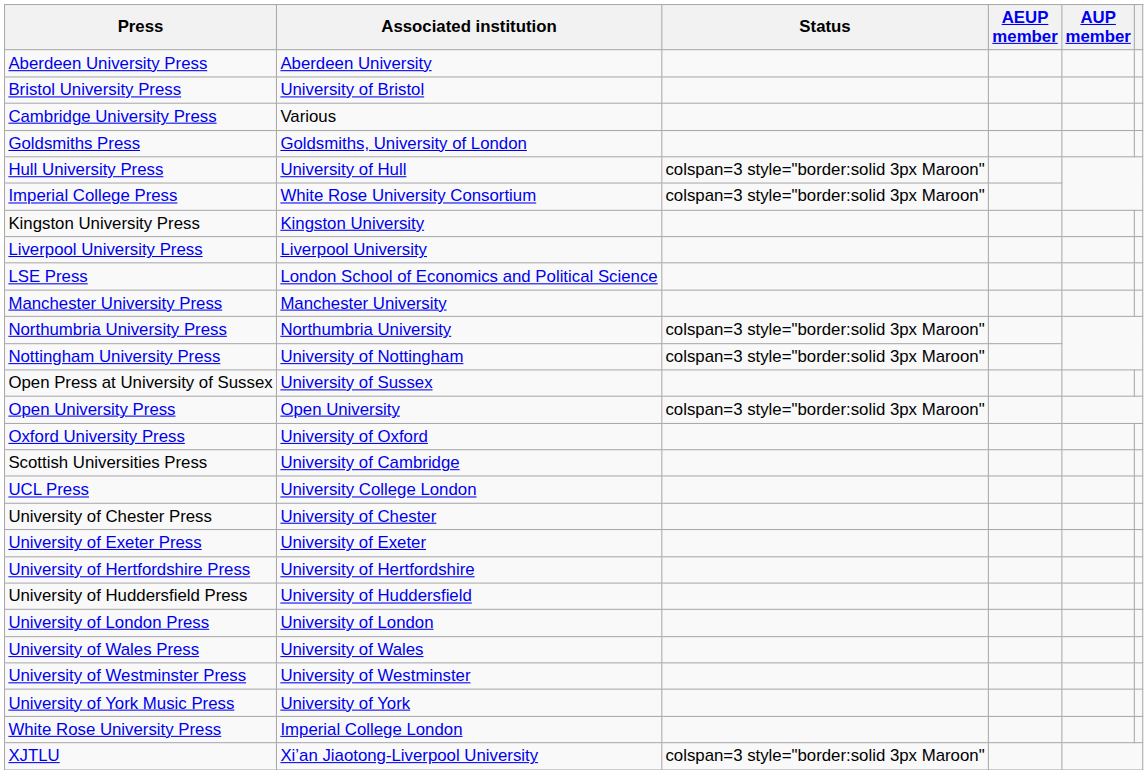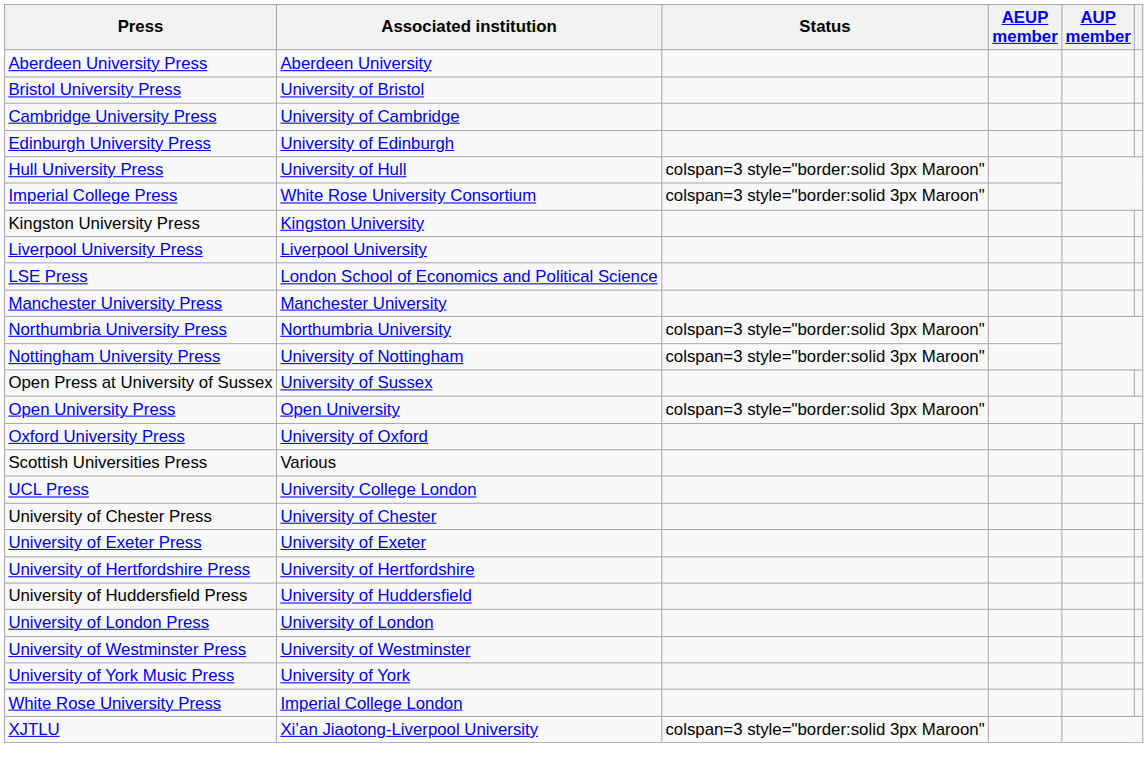 <table class="wikitable sortable">
 <tr>
 <th>Press</th>
 <th>Associated institution</th>
 <th>Status</th>
 <th><a href='#'>AEUP<br>member</a></th>
 <th><a href='#'>AUP<br>member</a></th>
 <th></th>
 </tr>
 <tr>
 <td><a href='#'>Aberdeen University Press</a></td>
 <td><a href='#'>Aberdeen University</a></td>
 <td></td>
 <td></td>
 <td></td>
 <td></td>
 </tr>
 <tr>
 <td><a href='#'>Bristol University Press</a></td>
 <td><a href='#'>University of Bristol</a></td>
 <td></td>
 <td></td>
 <td></td>
 <td></td>
 </tr>
 <tr>
 <td><a href='#'>Cambridge University Press</a></td>
-<td>Various</td>
+<td><a href='#'>University of Cambridge</a></td>
 <td></td>
 <td></td>
 <td></td>
 <td></td>
 </tr>
 <tr>
-<td><a href='#'>Goldsmiths Press</a></td>
-<td><a href='#'>Goldsmiths, University of London</a></td>
+<td><a href='#'>Edinburgh University Press</a></td>
+<td><a href='#'>University of Edinburgh</a></td>
 <td></td>
 <td></td>
 <td></td>
 <td></td>
 </tr>
 <tr>
 <td><a href='#'>Hull University Press</a></td>
 <td><a href='#'>University of Hull</a></td>
 <td>colspan=3 style="border:solid 3px Maroon"  </td>
 <td></td>
 </tr>
 <tr>
 <td><a href='#'>Imperial College Press</a></td>
 <td><a href='#'>White Rose University Consortium</a></td>
 <td>colspan=3 style="border:solid 3px Maroon"  </td>
 <td></td>
 </tr>
 <tr>
 <td>Kingston University Press</td>
 <td><a href='#'>Kingston University</a></td>
 <td></td>
 <td></td>
 <td></td>
 <td></td>
 </tr>
 <tr>
 <td><a href='#'>Liverpool University Press</a></td>
 <td><a href='#'>Liverpool University</a></td>
 <td></td>
 <td></td>
 <td></td>
 <td></td>
 </tr>
 <tr>
 <td><a href='#'>LSE Press</a></td>
 <td><a href='#'>London School of Economics and Political Science</a></td>
 <td></td>
 <td></td>
 <td></td>
 <td></td>
 </tr>
 <tr>
 <td><a href='#'>Manchester University Press</a></td>
 <td><a href='#'>Manchester University</a></td>
 <td></td>
 <td></td>
 <td></td>
 <td></td>
 </tr>
 <tr>
 <td><a href='#'>Northumbria University Press</a></td>
 <td><a href='#'>Northumbria University</a></td>
 <td>colspan=3 style="border:solid 3px Maroon"  </td>
 <td></td>
 </tr>
 <tr>
 <td><a href='#'>Nottingham University Press</a></td>
 <td><a href='#'>University of Nottingham</a></td>
 <td>colspan=3 style="border:solid 3px Maroon" </td>
 <td></td>
 </tr>
 <tr>
 <td>Open Press at University of Sussex</td>
 <td><a href='#'>University of Sussex</a></td>
 <td></td>
 <td></td>
 <td></td>
 <td></td>
 </tr>
 <tr>
 <td><a href='#'>Open University Press</a></td>
 <td><a href='#'>Open University</a></td>
 <td>colspan=3 style="border:solid 3px Maroon" </td>
 <td></td>
 </tr>
 <tr>
 <td><a href='#'>Oxford University Press</a></td>
 <td><a href='#'>University of Oxford</a></td>
 <td></td>
 <td></td>
 <td></td>
 <td></td>
 </tr>
 <tr>
 <td>Scottish Universities Press</td>
-<td><a href='#'>University of Cambridge</a></td>
+<td>Various</td>
 <td></td>
 <td></td>
 <td></td>
 <td></td>
 </tr>
 <tr>
 <td><a href='#'>UCL Press</a></td>
 <td><a href='#'>University College London</a></td>
 <td></td>
 <td></td>
 <td></td>
 <td></td>
 </tr>
 <tr>
 <td>University of Chester Press</td>
 <td><a href='#'>University of Chester</a></td>
 <td></td>
 <td></td>
 <td></td>
 <td></td>
 </tr>
 <tr>
 <td><a href='#'>University of Exeter Press</a></td>
 <td><a href='#'>University of Exeter</a></td>
 <td></td>
 <td></td>
 <td></td>
 <td></td>
 </tr>
 <tr>
 <td><a href='#'>University of Hertfordshire Press</a></td>
 <td><a href='#'>University of Hertfordshire</a></td>
 <td></td>
 <td></td>
 <td></td>
 <td></td>
 </tr>
 <tr>
 <td>University of Huddersfield Press</td>
 <td><a href='#'>University of Huddersfield</a></td>
 <td></td>
 <td></td>
 <td></td>
 <td></td>
 </tr>
 <tr>
 <td><a href='#'>University of London Press</a></td>
 <td><a href='#'>University of London</a></td>
 <td></td>
 <td></td>
 <td></td>
 <td></td>
 </tr>
 <tr>
-<td><a href='#'>University of Wales Press</a></td>
-<td><a href='#'>University of Wales</a></td>
-<td></td>
-<td></td>
-<td></td>
-<td></td>
-</tr>
-<tr>
 <td><a href='#'>University of Westminster Press</a></td>
 <td><a href='#'>University of Westminster</a></td>
 <td></td>
 <td></td>
 <td></td>
 <td></td>
 </tr>
 <tr>
 <td><a href='#'>University of York Music Press</a></td>
 <td><a href='#'>University of York</a></td>
 <td></td>
 <td></td>
 <td></td>
 <td></td>
 </tr>
 <tr>
 <td><a href='#'>White Rose University Press</a></td>
 <td><a href='#'>Imperial College London</a></td>
 <td></td>
 <td></td>
 <td></td>
 <td></td>
 </tr>
 <tr>
 <td><a href='#'>XJTLU</a></td>
 <td><a href='#'>Xi’an Jiaotong-Liverpool University</a></td>
 <td>colspan=3 style="border:solid 3px Maroon" </td>
 <td></td>
 </tr>
 </table>
